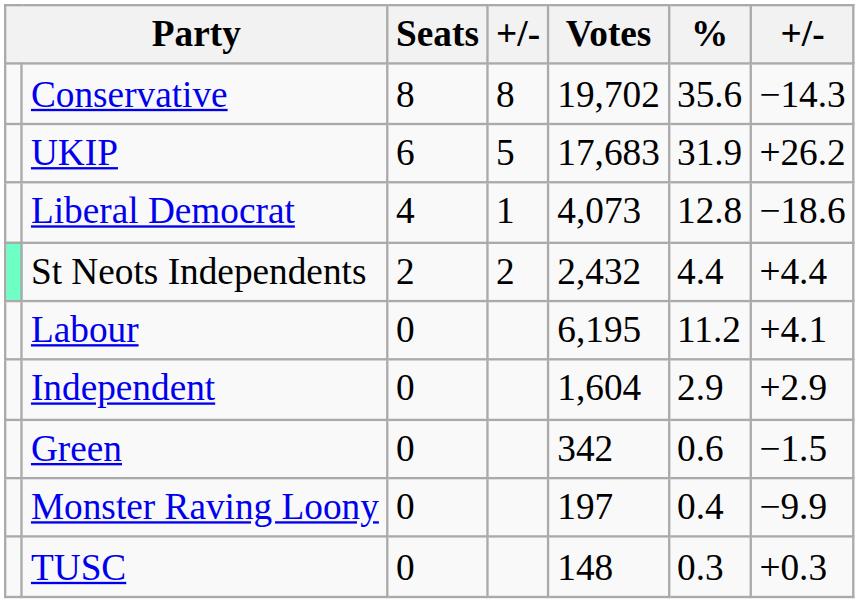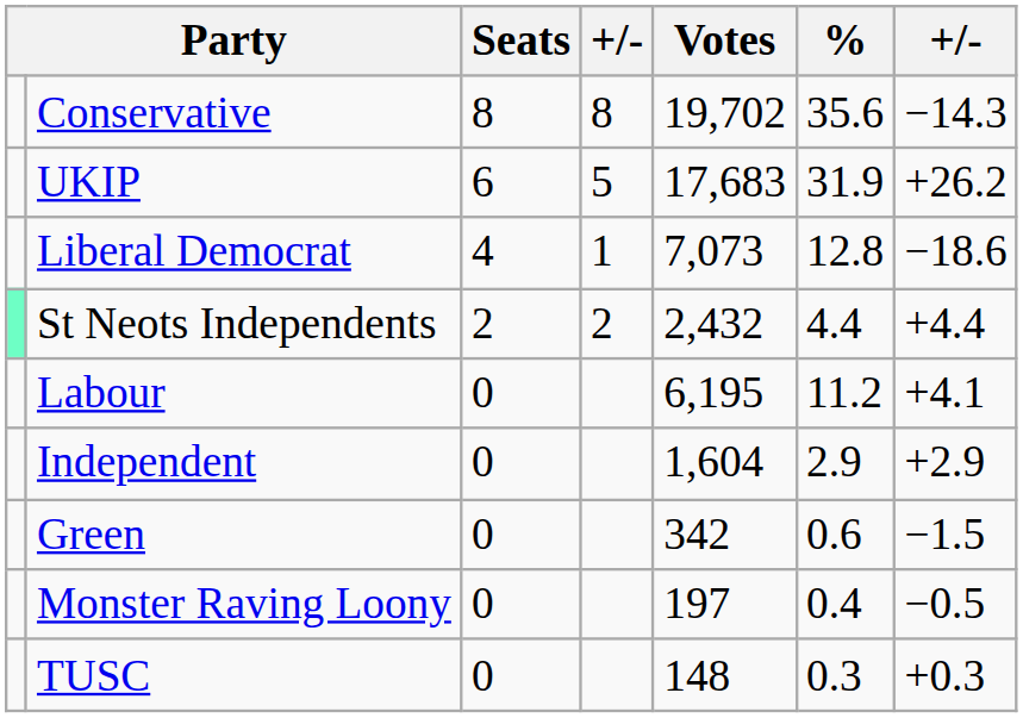 <table class="wikitable">
 <tr>
 <th colspan="2">Party</th>
 <th>Seats</th>
 <th>+/-</th>
 <th>Votes</th>
 <th>%</th>
 <th>+/-</th>
 </tr>
 <tr>
 <td style="background-color: "></td>
 <td><a href='#'>Conservative</a></td>
 <td>8</td>
 <td> 8</td>
 <td>19,702</td>
 <td>35.6</td>
 <td><span>−14.3</span></td>
 </tr>
 <tr>
 <td style="background-color: "></td>
 <td><a href='#'>UKIP</a></td>
 <td>6</td>
 <td> 5</td>
 <td>17,683</td>
 <td>31.9</td>
 <td><span>+26.2</span></td>
 </tr>
 <tr>
 <td style="background-color: "></td>
 <td><a href='#'>Liberal Democrat</a></td>
 <td>4</td>
 <td> 1</td>
-<td>4,073</td>
+<td>7,073</td>
 <td>12.8</td>
 <td><span>−18.6</span></td>
 </tr>
 <tr>
 <td style="background-color: #6EFFC5"></td>
 <td>St Neots Independents</td>
 <td>2</td>
 <td> 2</td>
 <td>2,432</td>
 <td>4.4</td>
 <td><span>+4.4</span></td>
 </tr>
 <tr>
 <td style="background-color: "></td>
 <td><a href='#'>Labour</a></td>
 <td>0</td>
 <td></td>
 <td>6,195</td>
 <td>11.2</td>
 <td><span>+4.1</span></td>
 </tr>
 <tr>
 <td style="background-color: "></td>
 <td><a href='#'>Independent</a></td>
 <td>0</td>
 <td></td>
 <td>1,604</td>
 <td>2.9</td>
 <td><span>+2.9</span></td>
 </tr>
 <tr>
 <td style="background-color: "></td>
 <td><a href='#'>Green</a></td>
 <td>0</td>
 <td></td>
 <td>342</td>
 <td>0.6</td>
 <td><span>−1.5</span></td>
 </tr>
 <tr>
 <td style="background-color: "></td>
 <td><a href='#'>Monster Raving Loony</a></td>
 <td>0</td>
 <td></td>
 <td>197</td>
 <td>0.4</td>
-<td><span>−9.9</span></td>
+<td><span>−0.5</span></td>
 </tr>
 <tr>
 <td style="background-color: "></td>
 <td><a href='#'>TUSC</a></td>
 <td>0</td>
 <td></td>
 <td>148</td>
 <td>0.3</td>
 <td><span>+0.3</span></td>
 </tr>
 </table>
